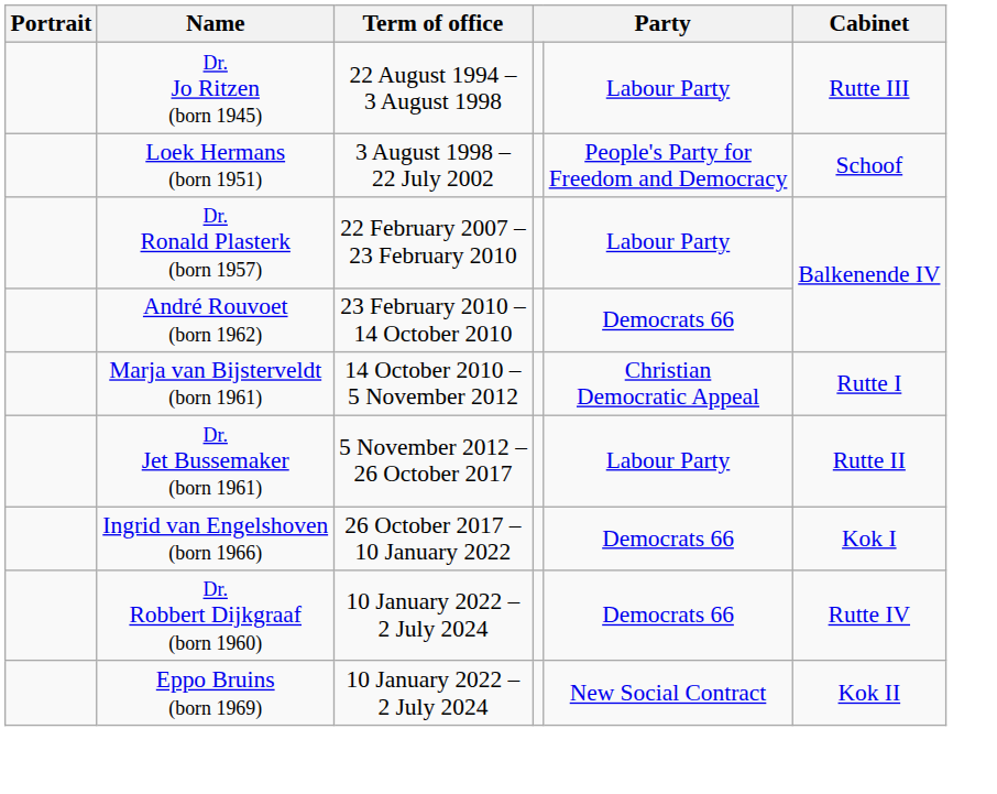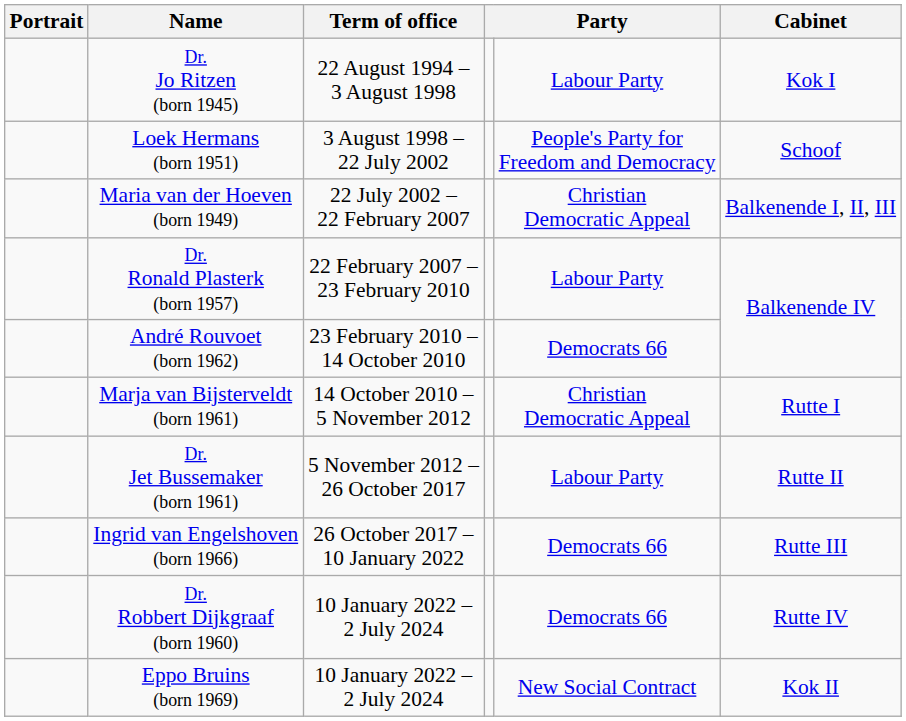 <table class="wikitable" style="text-align:center">
 <tr>
 <th>Portrait</th>
 <th>Name <br> </th>
 <th>Term of office</th>
 <th colspan=2>Party</th>
 <th>Cabinet</th>
 </tr>
 <tr>
 <td></td>
 <td><small><a href='#'>Dr.</a></small> <br> <a href='#'>Jo Ritzen</a> <br> <small>(born 1945)</small></td>
 <td>22 August 1994 – <br> 3 August 1998</td>
 <td style="background:"></td>
 <td><a href='#'>Labour Party</a></td>
-<td><a href='#'>Rutte III</a> <br></td>
+<td><a href='#'>Kok I</a> <br></td>
 </tr>
 <tr>
 <td></td>
 <td><a href='#'>Loek Hermans</a> <br> <small>(born 1951)</small></td>
 <td>3 August 1998 – <br> 22 July 2002</td>
 <td style="background:"></td>
 <td><a href='#'>People's Party for <br> Freedom and Democracy</a></td>
 <td><a href='#'>Schoof</a> <br></td>
+</tr>
+<tr>
+<td></td>
+<td><a href='#'>Maria van der Hoeven</a> <br> <small>(born 1949)</small></td>
+<td>22 July 2002 – <br> 22 February 2007</td>
+<td style="background:"></td>
+<td><a href='#'>Christian <br> Democratic Appeal</a></td>
+<td><a href='#'>Balkenende I</a>, <a href='#'>II</a>, <a href='#'>III</a> <br></td>
 </tr>
 <tr>
 <td></td>
 <td><small><a href='#'>Dr.</a></small> <br> <a href='#'>Ronald Plasterk</a> <br> <small>(born 1957)</small></td>
 <td>22 February 2007 – <br> 23 February 2010 <br> </td>
 <td style="background:"></td>
 <td><a href='#'>Labour Party</a></td>
 <td rowspan=2><a href='#'>Balkenende IV</a> <br></td>
 </tr>
 <tr>
 <td></td>
 <td><a href='#'>André Rouvoet</a> <br> <small>(born 1962)</small> <br> <small></small></td>
 <td>23 February 2010 – <br> 14 October 2010 <br> </td>
 <td style="background:"></td>
 <td><a href='#'>Democrats 66</a></td>
 </tr>
 <tr>
 <td></td>
 <td><a href='#'>Marja van Bijsterveldt</a> <br> <small>(born 1961)</small></td>
 <td>14 October 2010 – <br> 5 November 2012</td>
 <td style="background:"></td>
 <td><a href='#'>Christian <br> Democratic Appeal</a></td>
 <td><a href='#'>Rutte I</a> <br></td>
 </tr>
 <tr>
 <td></td>
 <td><small><a href='#'>Dr.</a></small> <br> <a href='#'>Jet Bussemaker</a> <br> <small>(born 1961)</small></td>
 <td>5 November 2012 – <br> 26 October 2017</td>
 <td style="background:"></td>
 <td><a href='#'>Labour Party</a></td>
 <td><a href='#'>Rutte II</a> <br></td>
 </tr>
 <tr>
 <td></td>
 <td><a href='#'>Ingrid van Engelshoven</a> <br> <small>(born 1966)</small></td>
 <td>26 October 2017 – <br> 10 January 2022</td>
 <td style="background:"></td>
 <td><a href='#'>Democrats 66</a></td>
-<td><a href='#'>Kok I</a> <br></td>
+<td><a href='#'>Rutte III</a> <br></td>
 </tr>
 <tr>
 <td></td>
 <td><small><a href='#'>Dr.</a></small> <br> <a href='#'>Robbert Dijkgraaf</a> <br> <small>(born 1960)</small></td>
 <td>10 January 2022 – <br> 2 July 2024</td>
 <td style="background:"></td>
 <td><a href='#'>Democrats 66</a></td>
 <td><a href='#'>Rutte IV</a> <br></td>
 </tr>
 <tr>
 <td></td>
 <td><a href='#'>Eppo Bruins</a> <br> <small>(born 1969)</small></td>
 <td>10 January 2022 – <br> 2 July 2024</td>
 <td style="background:"></td>
 <td><a href='#'>New Social Contract</a></td>
 <td><a href='#'>Kok II</a> <br></td>
 </tr>
 </table>
